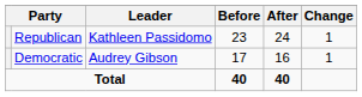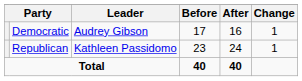 <table class="wikitable" style="text-align:center;">
 <tr>
 </tr>
 <tr>
 <th colspan=2>Party</th>
 <th>Leader</th>
 <th>Before</th>
 <th>After</th>
 <th>Change</th>
 </tr>
 <tr>
 <th style="background-color:"></th>
+<td style="text-align:left;"><a href='#'>Democratic</a></td>
+<td style="text-align:left;"><a href='#'>Audrey Gibson</a></td>
+<td>17</td>
+<td>16</td>
+<td> 1</td>
+</tr>
+<tr>
+<th style="background-color:"></th>
 <td style="text-align:left;"><a href='#'>Republican</a></td>
 <td style="text-align:left;"><a href='#'>Kathleen Passidomo</a></td>
 <td>23</td>
 <td>24</td>
-<td> 1</td>
-</tr>
-<tr>
-<th style="background-color:"></th>
-<td style="text-align:left;"><a href='#'>Democratic</a></td>
-<td style="text-align:left;"><a href='#'>Audrey Gibson</a></td>
-<td>17</td>
-<td>16</td>
 <td> 1</td>
 </tr>
 <tr>
 <td colspan=3><strong>Total</strong></td>
 <td><strong>40</strong></td>
 <td><strong>40</strong></td>
 <td></td>
 </tr>
 </table>
